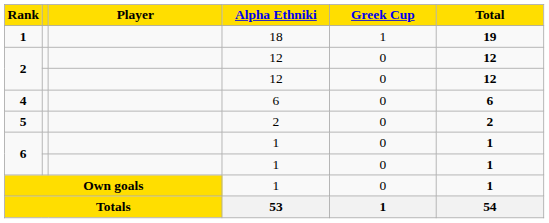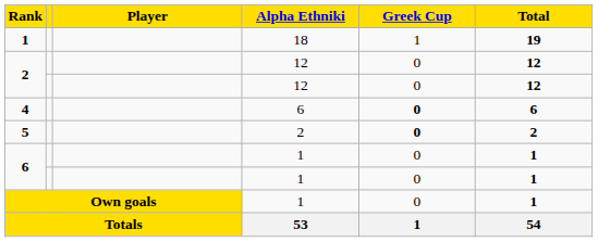 <table class="wikitable sortable" style="text-align: center">
 <tr>
 <th style="background:#FFDE00">Rank</th>
 <th style="background:#FFDE00"></th>
 <th width=200 style="background:#FFDE00">Player</th>
 <th width=120 style="background:#FFDE00"><a href='#'>Alpha Ethniki</a></th>
 <th width=120 style="background:#FFDE00"><a href='#'>Greek Cup</a></th>
 <th width=120 style="background:#FFDE00">Total</th>
 </tr>
 <tr>
 <td><strong>1</strong></td>
 <td></td>
 <td align=left></td>
 <td>18</td>
 <td>1</td>
 <td><strong>19</strong></td>
 </tr>
 <tr>
 <td rowspan=2><strong>2</strong></td>
 <td></td>
 <td align=left></td>
 <td>12</td>
 <td>0</td>
 <td><strong>12</strong></td>
 </tr>
 <tr>
 <td></td>
 <td align=left></td>
 <td>12</td>
 <td>0</td>
 <td><strong>12</strong></td>
 </tr>
 <tr>
 <td><strong>4</strong></td>
 <td></td>
 <td align=left></td>
 <td>6</td>
-<td>0</td>
+<td><strong>0</strong></td>
 <td><strong>6</strong></td>
 </tr>
 <tr>
 <td><strong>5</strong></td>
 <td></td>
 <td align=left></td>
 <td>2</td>
-<td>0</td>
+<td><strong>0</strong></td>
 <td><strong>2</strong></td>
 </tr>
 <tr>
 <td rowspan=2><strong>6</strong></td>
 <td></td>
 <td align=left></td>
 <td>1</td>
 <td>0</td>
 <td><strong>1</strong></td>
 </tr>
 <tr>
 <td></td>
 <td align=left></td>
 <td>1</td>
 <td>0</td>
 <td><strong>1</strong></td>
 </tr>
 <tr class="sortbottom">
 <td colspan=3 style="background:#FFDE00"><strong>Own goals</strong></td>
 <td>1</td>
 <td>0</td>
 <td><strong>1</strong></td>
 </tr>
 <tr class="sortbottom">
 <th colspan=3 style="background:#FFDE00"><strong>Totals</strong></th>
 <th><strong>53</strong></th>
 <th><strong> 1</strong></th>
 <th><strong>54</strong></th>
 </tr>
 </table>
